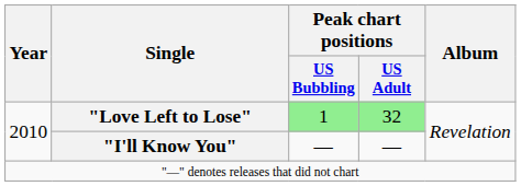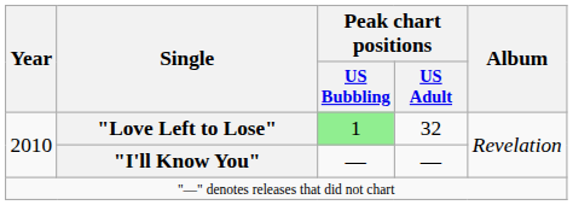 <table class="wikitable plainrowheaders" style="text-align:center;">
 <tr>
 <th rowspan="2">Year</th>
 <th rowspan="2" style="width:12em;">Single</th>
 <th colspan="2">Peak chart<br>positions</th>
 <th rowspan="2">Album</th>
 </tr>
 <tr style="font-size:smaller;">
 <th style="width:50px;"><a href='#'>US Bubbling</a><br></th>
 <th style="width:50px;"><a href='#'>US Adult</a><br></th>
 </tr>
 <tr>
 <td rowspan="2">2010</td>
 <th scope="row">"Love Left to Lose"</th>
 <td style="background: lightgreen;">1</td>
-<td style="background: lightgreen;">32</td>
+<td>32</td>
 <td style="text-align:left;" rowspan="2"><em>Revelation</em></td>
 </tr>
 <tr>
 <th scope="row">"I'll Know You"</th>
 <td>—</td>
 <td>—</td>
 </tr>
 <tr>
 <td colspan="10" style="font-size:8pt">"—" denotes releases that did not chart</td>
 </tr>
 </table>
